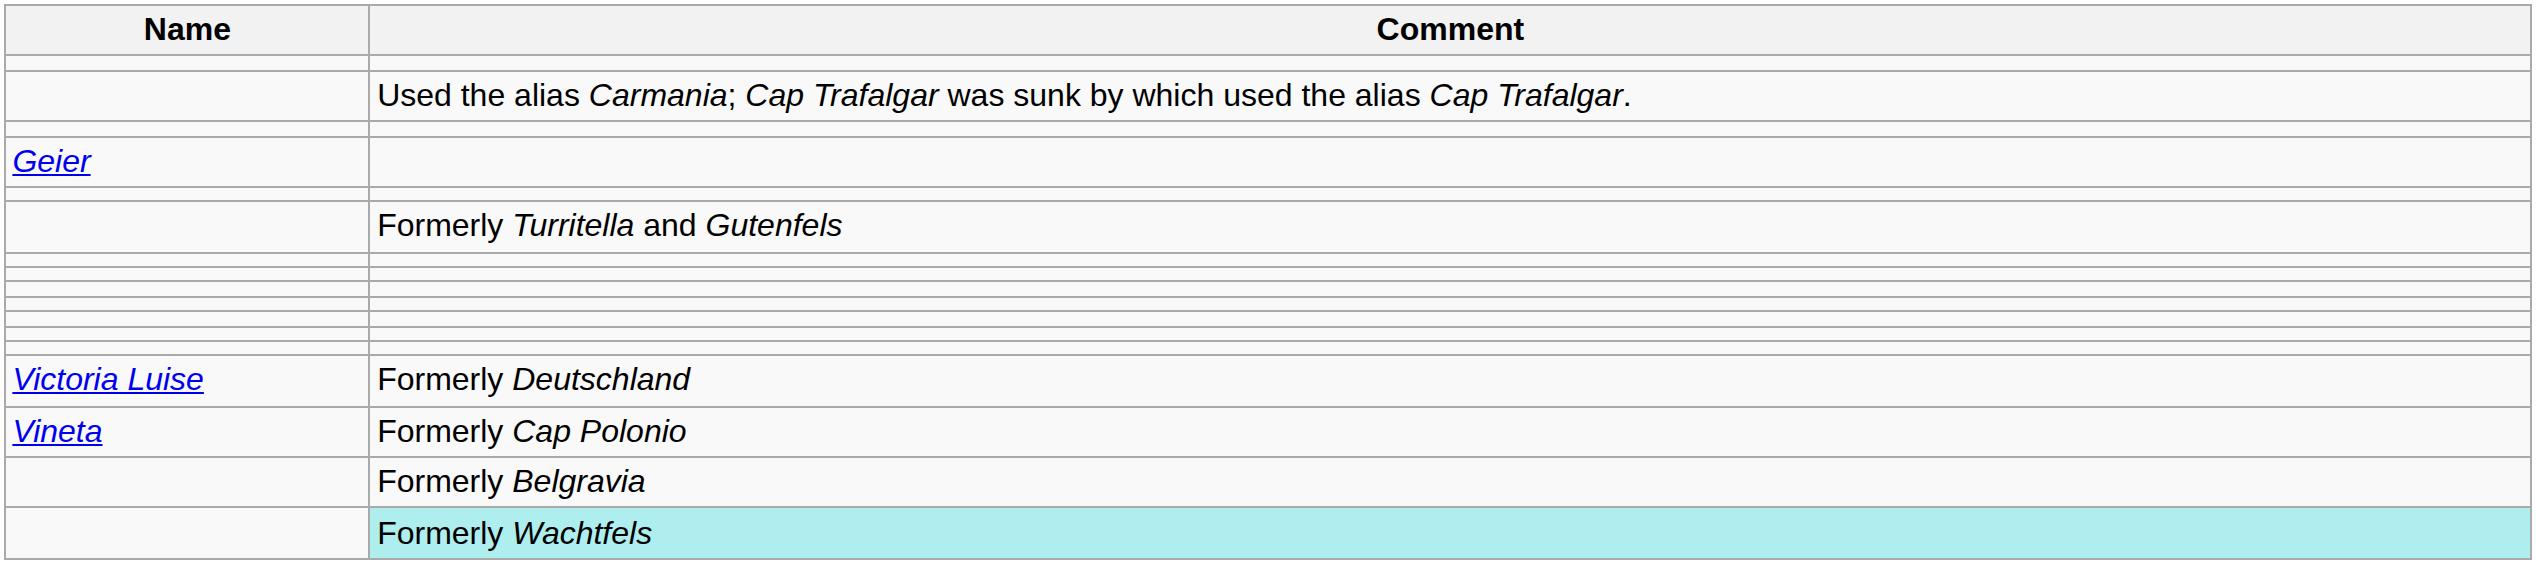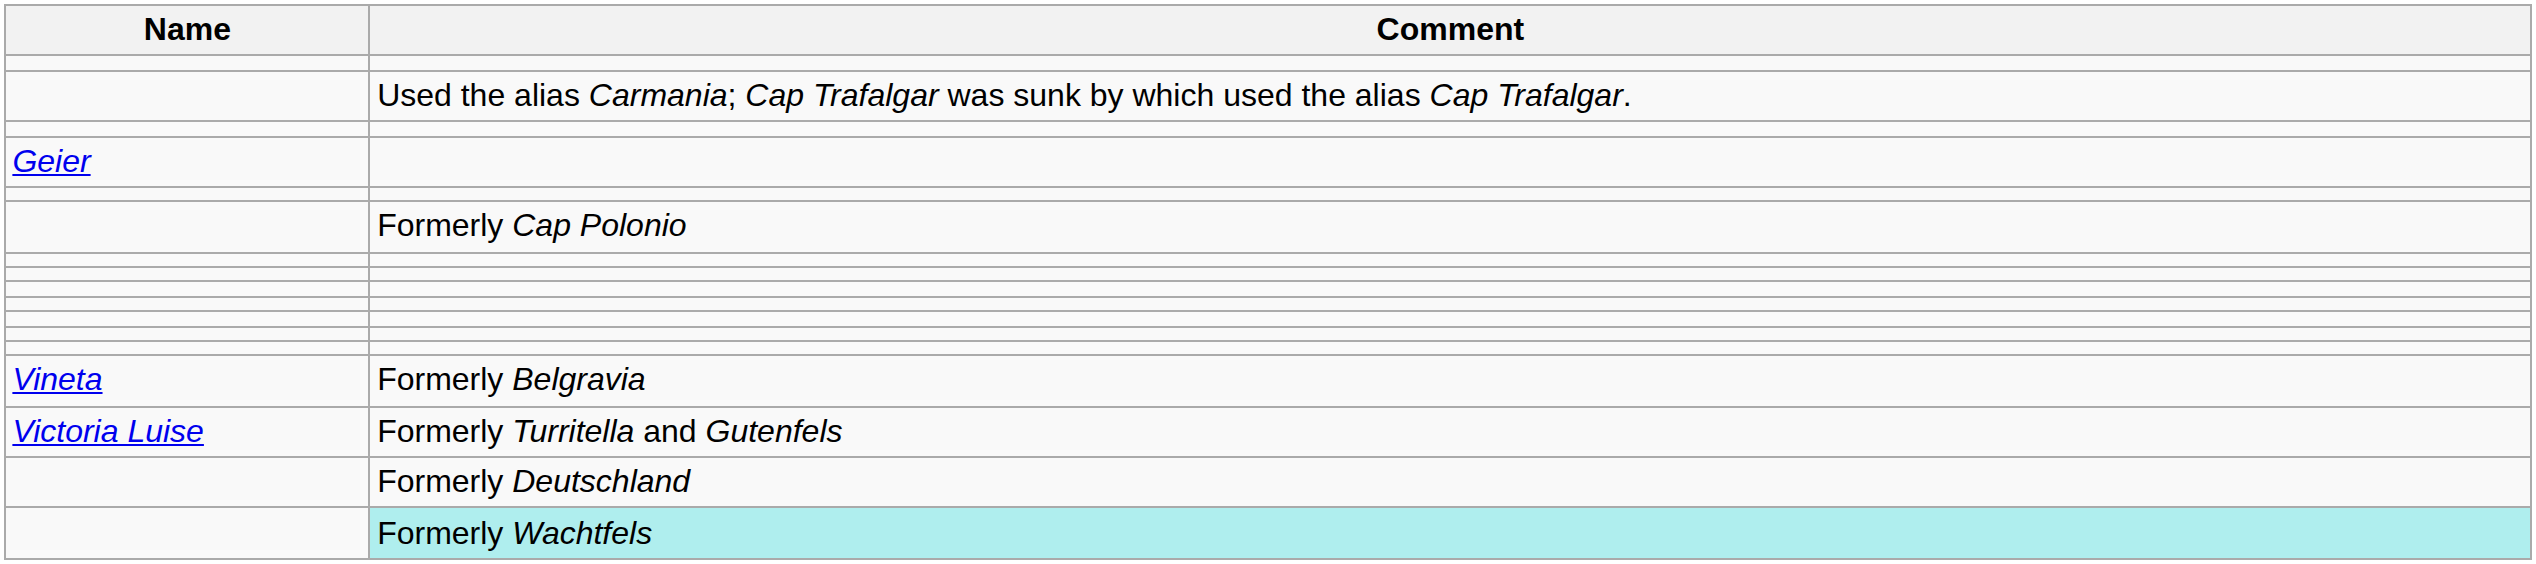 <table class="wikitable" width="100%">
 <tr>
 <th width="175">Name</th>
 <th>Comment</th>
 </tr>
 <tr>
 <td></td>
 <td></td>
 </tr>
 <tr>
 <td></td>
 <td>Used the alias <em>Carmania</em>; <em>Cap Trafalgar</em> was sunk by  which used the alias <em>Cap Trafalgar</em>.</td>
 </tr>
 <tr>
 <td></td>
 <td></td>
 </tr>
 <tr>
 <td><em><a href='#'>Geier</a></em></td>
 <td></td>
 </tr>
 <tr>
 <td></td>
 <td></td>
 </tr>
 <tr>
 <td></td>
-<td>Formerly <em>Turritella</em> and <em>Gutenfels</em></td>
+<td>Formerly <em>Cap Polonio</em></td>
 </tr>
 <tr>
 <td></td>
 <td></td>
 </tr>
 <tr>
 <td></td>
 <td></td>
 </tr>
 <tr>
 <td></td>
 <td></td>
 </tr>
 <tr>
 <td></td>
 <td></td>
 </tr>
 <tr>
 <td></td>
 <td></td>
 </tr>
 <tr>
 <td></td>
 <td></td>
 </tr>
 <tr>
 <td></td>
 <td></td>
 </tr>
 <tr>
-<td><a href='#'><em>Victoria Luise</em></a></td>
-<td>Formerly <em>Deutschland</em></td>
+<td><a href='#'><em>Vineta</em></a></td>
+<td>Formerly <em>Belgravia</em></td>
 </tr>
 <tr>
-<td><a href='#'><em>Vineta</em></a></td>
-<td>Formerly <em>Cap Polonio</em></td>
+<td><a href='#'><em>Victoria Luise</em></a></td>
+<td>Formerly <em>Turritella</em> and <em>Gutenfels</em></td>
 </tr>
 <tr>
 <td></td>
-<td>Formerly <em>Belgravia</em></td>
+<td>Formerly <em>Deutschland</em></td>
 </tr>
 <tr>
 <td></td>
 <td style="background: paleturquoise;">Formerly <em>Wachtfels</em></td>
 </tr>
 </table>
